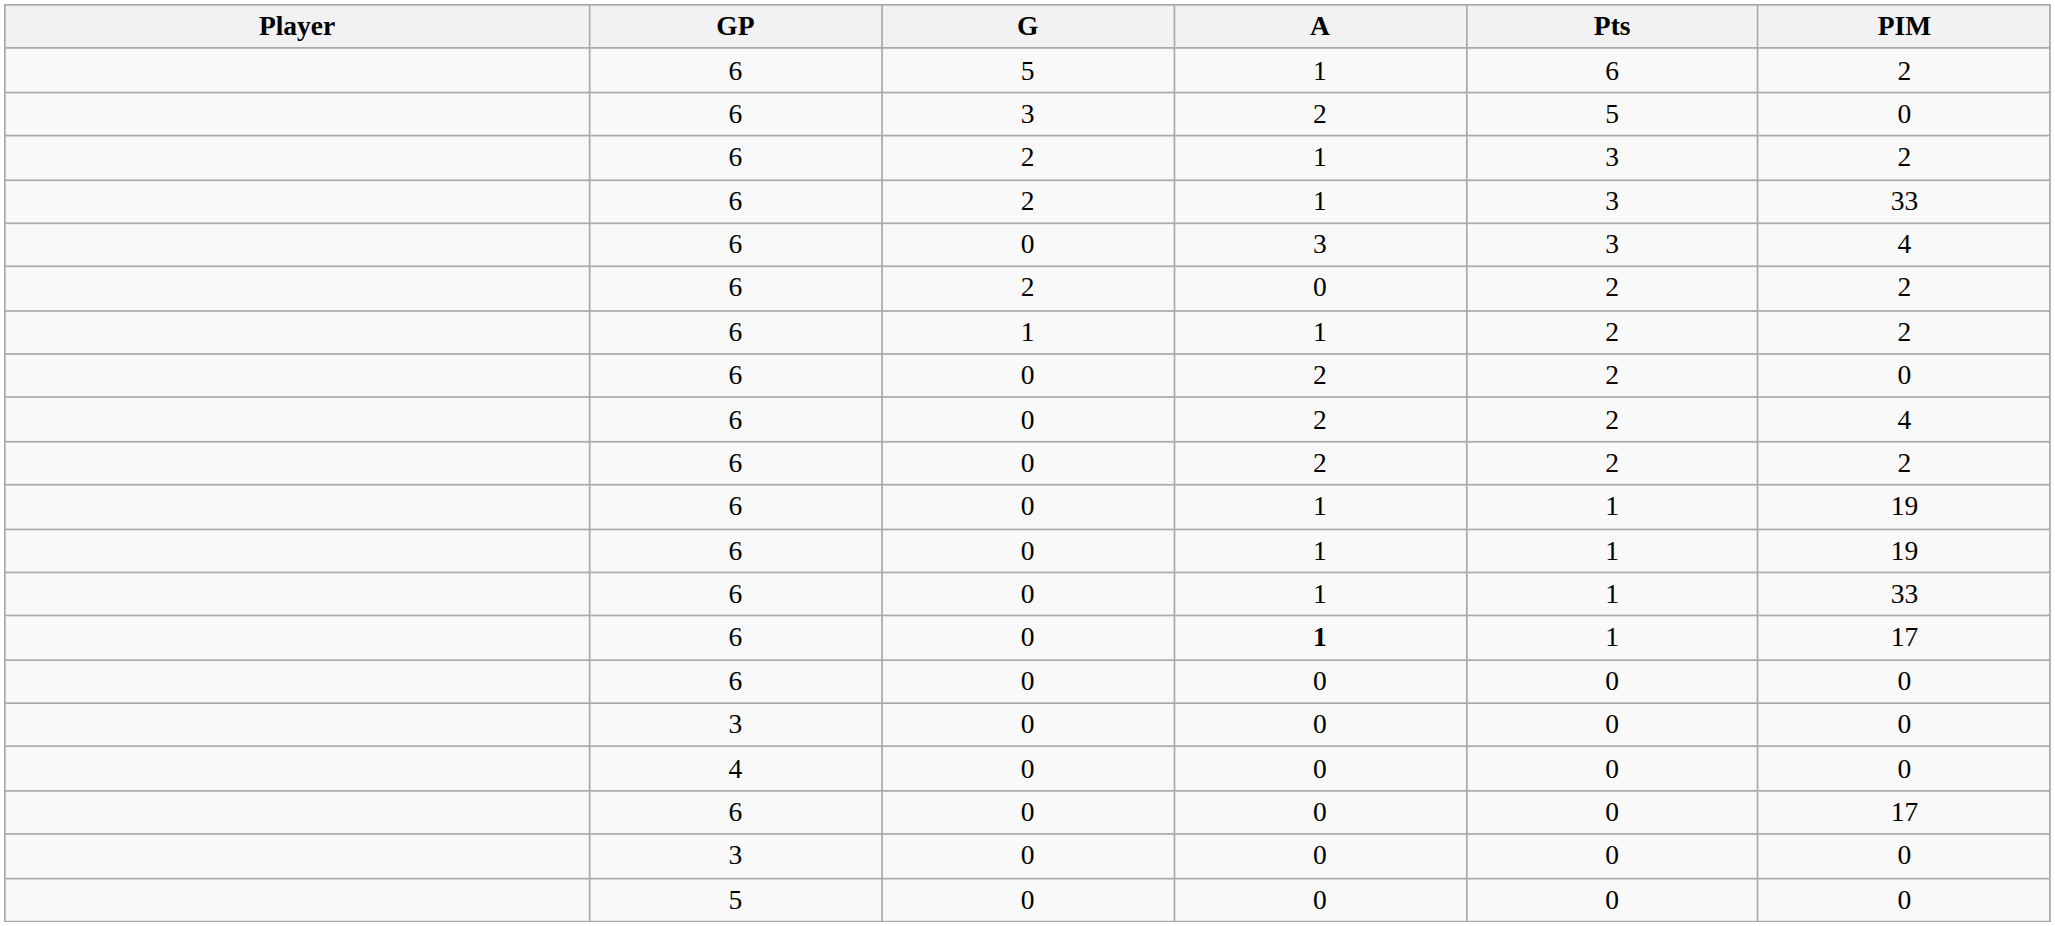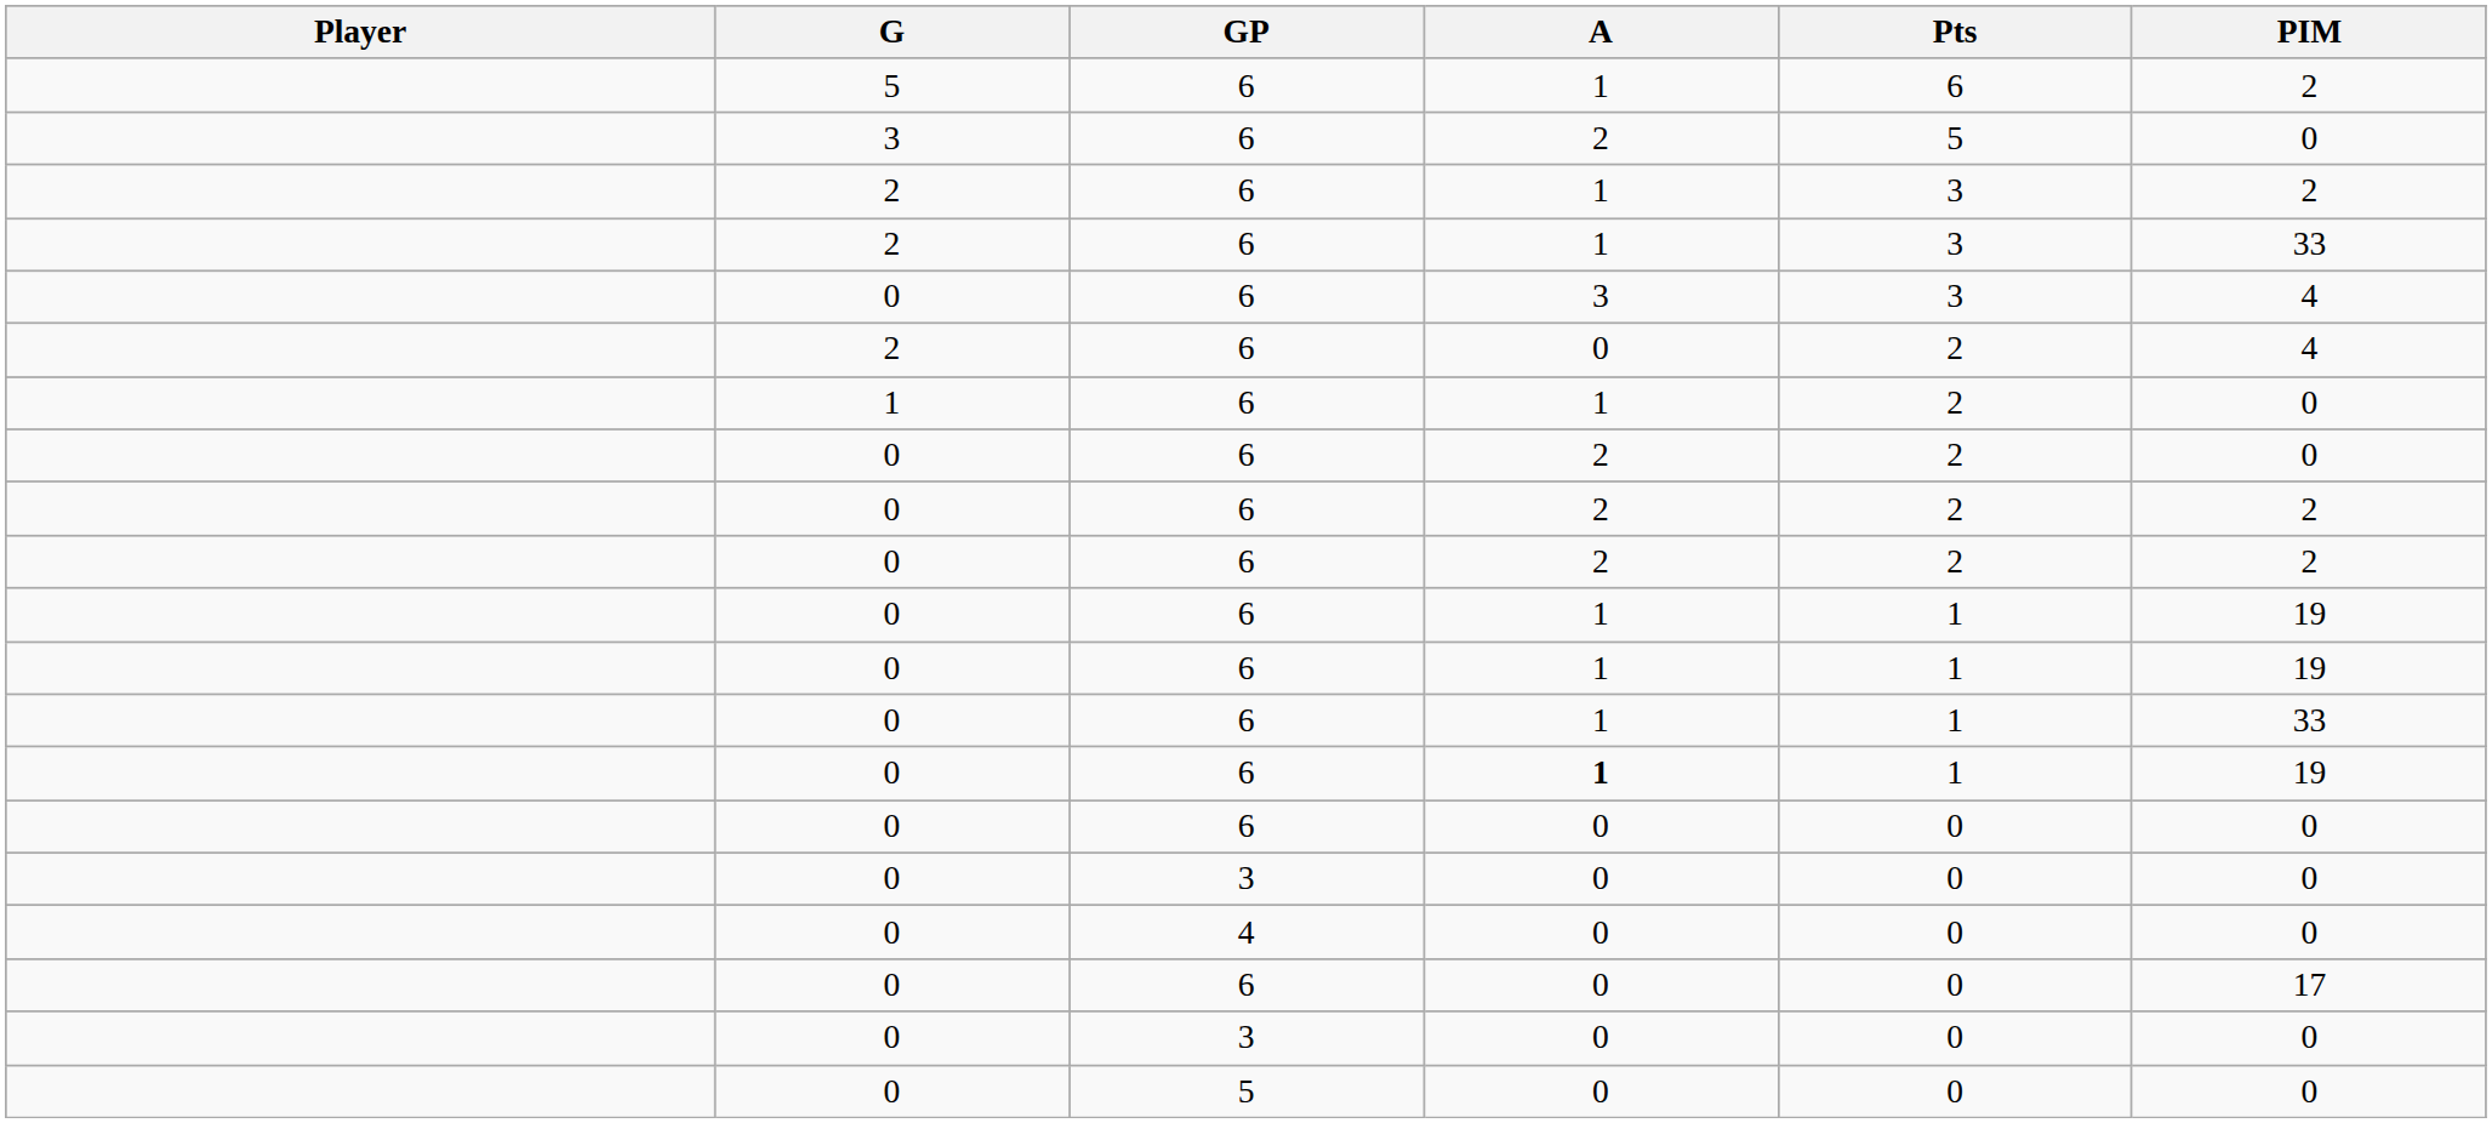 <table class="wikitable sortable" width="60%">
 <tr ALIGN="center">
 <th bgcolor="#DDDDFF" width="10%">Player</th>
+<th bgcolor="#DDDDFF" width="5%">G</th>
 <th bgcolor="#DDDDFF" width="5%">GP</th>
-<th bgcolor="#DDDDFF" width="5%">G</th>
 <th bgcolor="#DDDDFF" width="5%">A</th>
 <th bgcolor="#DDDDFF" width="5%">Pts</th>
 <th bgcolor="#DDDDFF" width="5%">PIM</th>
 </tr>
 <tr align="center">
 <td align="right"></td>
+<td>5</td>
 <td>6</td>
-<td>5</td>
 <td>1</td>
 <td>6</td>
 <td>2</td>
 </tr>
 <tr align="center">
 <td align="right"></td>
+<td>3</td>
 <td>6</td>
-<td>3</td>
 <td>2</td>
 <td>5</td>
 <td>0</td>
 </tr>
 <tr align="center">
 <td align="right"></td>
+<td>2</td>
 <td>6</td>
-<td>2</td>
 <td>1</td>
 <td>3</td>
 <td>2</td>
 </tr>
 <tr align="center">
 <td align="right"></td>
+<td>2</td>
 <td>6</td>
-<td>2</td>
 <td>1</td>
 <td>3</td>
 <td>33</td>
 </tr>
 <tr align="center">
 <td align="right"></td>
+<td>0</td>
 <td>6</td>
-<td>0</td>
 <td>3</td>
 <td>3</td>
 <td>4</td>
 </tr>
 <tr align="center">
 <td align="right"></td>
+<td>2</td>
 <td>6</td>
-<td>2</td>
 <td>0</td>
 <td>2</td>
-<td>2</td>
+<td>4</td>
 </tr>
 <tr align="center">
 <td align="right"></td>
+<td>1</td>
 <td>6</td>
 <td>1</td>
-<td>1</td>
 <td>2</td>
-<td>2</td>
+<td>0</td>
 </tr>
 <tr align="center">
 <td align="right"></td>
+<td>0</td>
 <td>6</td>
-<td>0</td>
 <td>2</td>
 <td>2</td>
 <td>0</td>
 </tr>
 <tr align="center">
 <td align="right"></td>
+<td>0</td>
 <td>6</td>
-<td>0</td>
-<td>2</td>
-<td>2</td>
-<td>4</td>
-</tr>
-<tr align="center">
-<td align="right"></td>
-<td>6</td>
-<td>0</td>
 <td>2</td>
 <td>2</td>
 <td>2</td>
 </tr>
 <tr align="center">
 <td align="right"></td>
+<td>0</td>
 <td>6</td>
+<td>2</td>
+<td>2</td>
+<td>2</td>
+</tr>
+<tr align="center">
+<td align="right"></td>
 <td>0</td>
+<td>6</td>
 <td>1</td>
 <td>1</td>
 <td>19</td>
 </tr>
 <tr align="center">
 <td align="right"></td>
+<td>0</td>
 <td>6</td>
-<td>0</td>
 <td>1</td>
 <td>1</td>
 <td>19</td>
 </tr>
 <tr align="center">
 <td align="right"></td>
+<td>0</td>
 <td>6</td>
-<td>0</td>
 <td>1</td>
 <td>1</td>
 <td>33</td>
 </tr>
 <tr align="center">
 <td align="right"></td>
+<td>0</td>
 <td>6</td>
-<td>0</td>
 <td><strong>1</strong></td>
 <td>1</td>
-<td>17</td>
+<td>19</td>
 </tr>
 <tr align="center">
 <td align="right"></td>
+<td>0</td>
 <td>6</td>
-<td>0</td>
 <td>0</td>
 <td>0</td>
 <td>0</td>
 </tr>
 <tr align="center">
 <td align="right"></td>
+<td>0</td>
 <td>3</td>
-<td>0</td>
 <td>0</td>
 <td>0</td>
 <td>0</td>
 </tr>
 <tr align="center">
 <td align="right"></td>
+<td>0</td>
 <td>4</td>
-<td>0</td>
 <td>0</td>
 <td>0</td>
 <td>0</td>
 </tr>
 <tr align="center">
 <td align="right"></td>
+<td>0</td>
 <td>6</td>
-<td>0</td>
 <td>0</td>
 <td>0</td>
 <td>17</td>
 </tr>
 <tr align="center">
 <td align="right"></td>
+<td>0</td>
 <td>3</td>
-<td>0</td>
 <td>0</td>
 <td>0</td>
 <td>0</td>
 </tr>
 <tr align="center">
 <td align="right"></td>
+<td>0</td>
 <td>5</td>
-<td>0</td>
 <td>0</td>
 <td>0</td>
 <td>0</td>
 </tr>
 </table>
